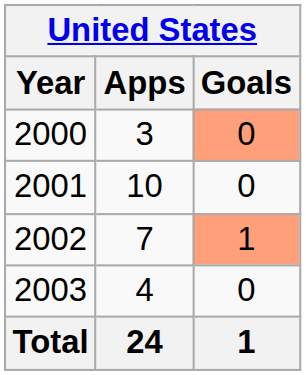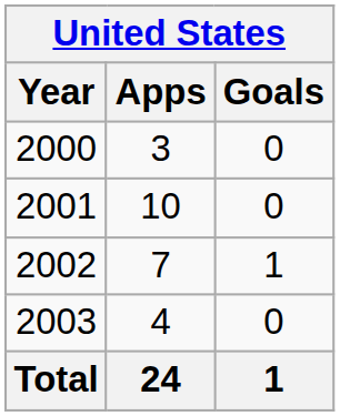 <table class="wikitable" style="text-align:center">
 <tr>
 <th colspan=3><a href='#'>United States</a></th>
 </tr>
 <tr>
 <th>Year</th>
 <th>Apps</th>
 <th>Goals</th>
 </tr>
 <tr>
 <td>2000</td>
 <td>3</td>
-<td style="background: lightsalmon;">0</td>
+<td>0</td>
 </tr>
 <tr>
 <td>2001</td>
 <td>10</td>
 <td>0</td>
 </tr>
 <tr>
 <td>2002</td>
 <td>7</td>
-<td style="background: lightsalmon;">1</td>
+<td>1</td>
 </tr>
 <tr>
 <td>2003</td>
 <td>4</td>
 <td>0</td>
 </tr>
 <tr>
 <th>Total</th>
 <th>24</th>
 <th>1</th>
 </tr>
 </table>
